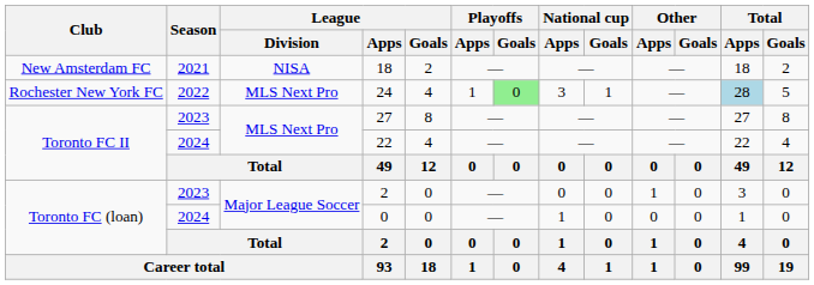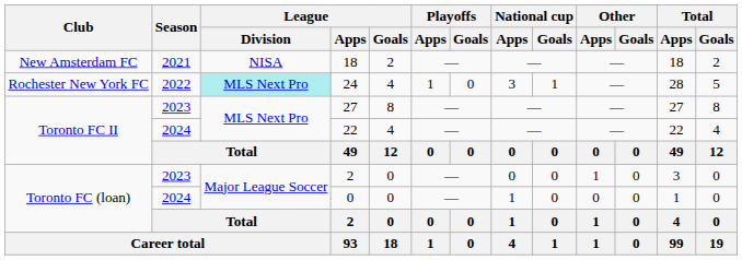 <table class="wikitable" style="text-align: center">
 <tr>
 <th rowspan="2">Club</th>
 <th rowspan="2">Season</th>
 <th colspan="3">League</th>
 <th colspan="2">Playoffs</th>
 <th colspan="2">National cup</th>
 <th colspan="2">Other</th>
 <th colspan="2">Total</th>
 </tr>
 <tr>
 <th>Division</th>
 <th>Apps</th>
 <th>Goals</th>
 <th>Apps</th>
 <th>Goals</th>
 <th>Apps</th>
 <th>Goals</th>
 <th>Apps</th>
 <th>Goals</th>
 <th>Apps</th>
 <th>Goals</th>
 </tr>
 <tr>
 <td><a href='#'>New Amsterdam FC</a></td>
 <td><a href='#'>2021</a></td>
 <td><a href='#'>NISA</a></td>
 <td>18</td>
 <td>2</td>
 <td colspan="2">—</td>
 <td colspan="2">—</td>
 <td colspan="2">—</td>
 <td>18</td>
 <td>2</td>
 </tr>
 <tr>
 <td><a href='#'>Rochester New York FC</a></td>
 <td><a href='#'>2022</a></td>
-<td><a href='#'>MLS Next Pro</a></td>
+<td style="background: paleturquoise;"><a href='#'>MLS Next Pro</a></td>
 <td>24</td>
 <td>4</td>
 <td>1</td>
-<td style="background: lightgreen;">0</td>
+<td>0</td>
 <td>3</td>
 <td>1</td>
 <td colspan="2">—</td>
-<td style="background: lightblue;">28</td>
+<td>28</td>
 <td>5</td>
 </tr>
 <tr>
 <td rowspan="3"><a href='#'>Toronto FC II</a></td>
 <td><a href='#'>2023</a></td>
 <td rowspan="2"><a href='#'>MLS Next Pro</a></td>
 <td>27</td>
 <td>8</td>
 <td colspan="2">—</td>
 <td colspan="2">—</td>
 <td colspan="2">—</td>
 <td>27</td>
 <td>8</td>
 </tr>
 <tr>
 <td><a href='#'>2024</a></td>
 <td>22</td>
 <td>4</td>
 <td colspan="2">—</td>
 <td colspan="2">—</td>
 <td colspan="2">—</td>
 <td>22</td>
 <td>4</td>
 </tr>
 <tr>
 <th colspan="2">Total</th>
 <th>49</th>
 <th>12</th>
 <th>0</th>
 <th>0</th>
 <th>0</th>
 <th>0</th>
 <th>0</th>
 <th>0</th>
 <th>49</th>
 <th>12</th>
 </tr>
 <tr>
 <td rowspan="3"><a href='#'>Toronto FC</a> (loan)</td>
 <td><a href='#'>2023</a></td>
 <td rowspan="2"><a href='#'>Major League Soccer</a></td>
 <td>2</td>
 <td>0</td>
 <td colspan="2">—</td>
 <td>0</td>
 <td>0</td>
 <td>1</td>
 <td>0</td>
 <td>3</td>
 <td>0</td>
 </tr>
 <tr>
 <td><a href='#'>2024</a></td>
 <td>0</td>
 <td>0</td>
 <td colspan="2">—</td>
 <td>1</td>
 <td>0</td>
 <td>0</td>
 <td>0</td>
 <td>1</td>
 <td>0</td>
 </tr>
 <tr>
 <th colspan="2">Total</th>
 <th>2</th>
 <th>0</th>
 <th>0</th>
 <th>0</th>
 <th>1</th>
 <th>0</th>
 <th>1</th>
 <th>0</th>
 <th>4</th>
 <th>0</th>
 </tr>
 <tr>
 <th colspan="3">Career total</th>
 <th>93</th>
 <th>18</th>
 <th>1</th>
 <th>0</th>
 <th>4</th>
 <th>1</th>
 <th>1</th>
 <th>0</th>
 <th>99</th>
 <th>19</th>
 </tr>
 </table>
